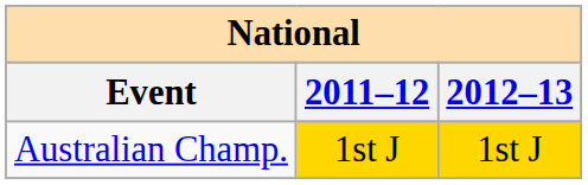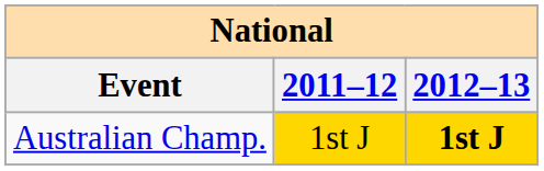 <table class="wikitable" style="text-align:center">
 <tr>
 <th style="background-color: #ffdead; " colspan=3 align=center>National</th>
 </tr>
 <tr>
 <th>Event</th>
 <th><a href='#'>2011–12</a></th>
 <th><a href='#'>2012–13</a></th>
 </tr>
 <tr>
 <td align=left><a href='#'>Australian Champ.</a></td>
 <td bgcolor=gold>1st J</td>
-<td bgcolor=gold>1st J</td>
+<td bgcolor=gold><strong>1st J</strong></td>
 </tr>
 </table>
